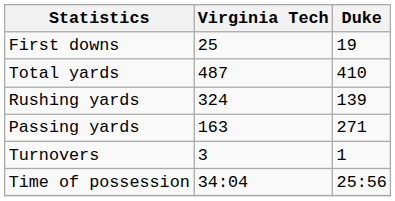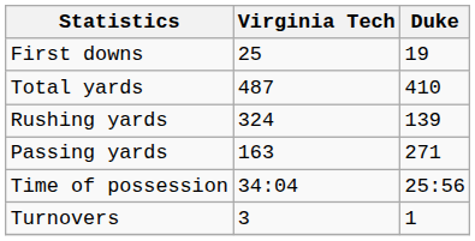 <table class="wikitable">
 <tr>
 <th>Statistics</th>
 <th>Virginia Tech</th>
 <th>Duke</th>
 </tr>
 <tr>
 <td>First downs</td>
 <td>25</td>
 <td>19</td>
 </tr>
 <tr>
 <td>Total yards</td>
 <td>487</td>
 <td>410</td>
 </tr>
 <tr>
 <td>Rushing yards</td>
 <td>324</td>
 <td>139</td>
 </tr>
 <tr>
 <td>Passing yards</td>
 <td>163</td>
 <td>271</td>
 </tr>
 <tr>
+<td>Time of possession</td>
+<td>34:04</td>
+<td>25:56</td>
+</tr>
+<tr>
 <td>Turnovers</td>
 <td>3</td>
 <td>1</td>
 </tr>
 <tr>
-<td>Time of possession</td>
-<td>34:04</td>
-<td>25:56</td>
-</tr>
-<tr>
 </tr>
 </table>
